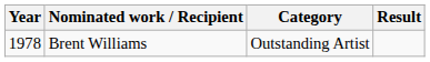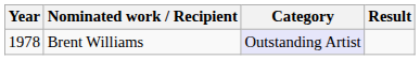 <table class="wikitable">
 <tr>
 <th>Year</th>
 <th>Nominated work / Recipient</th>
 <th>Category</th>
 <th>Result</th>
 </tr>
 <tr>
 <td rowspan="3">1978</td>
 <td>Brent Williams</td>
-<td>Outstanding Artist</td>
+<td style="background: lavender;">Outstanding Artist</td>
 <td></td>
 </tr>
 </table>
